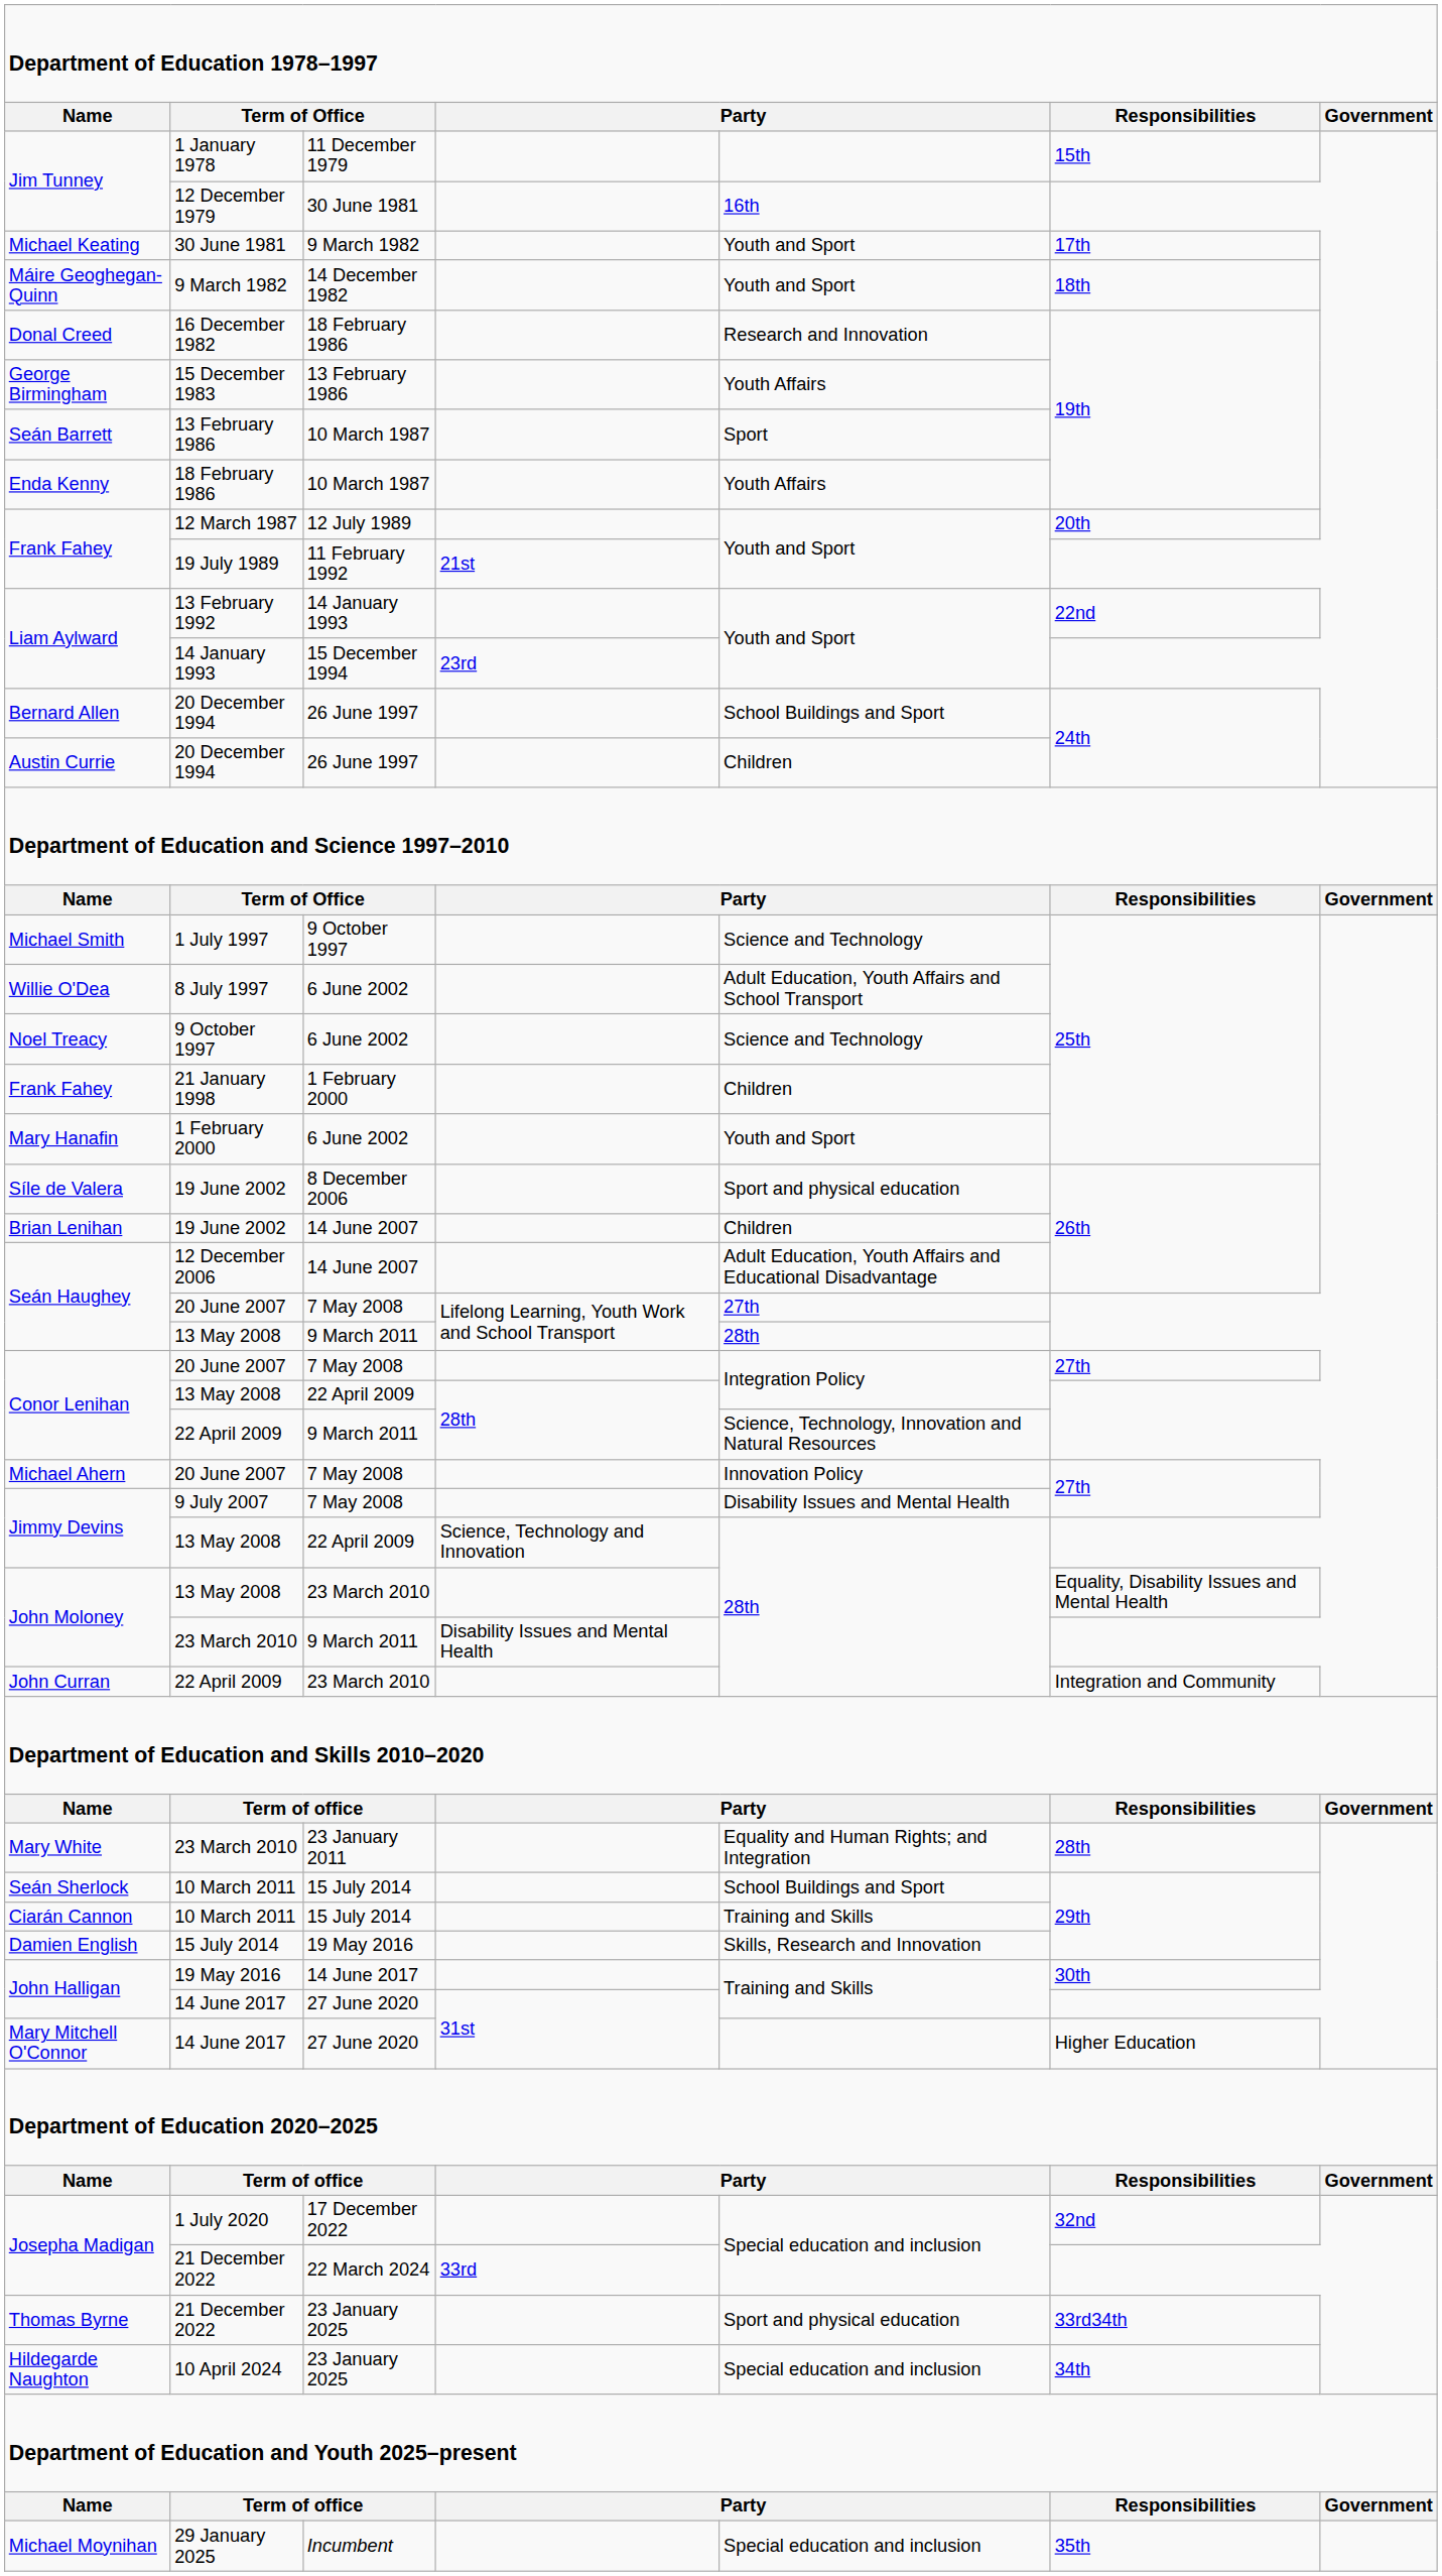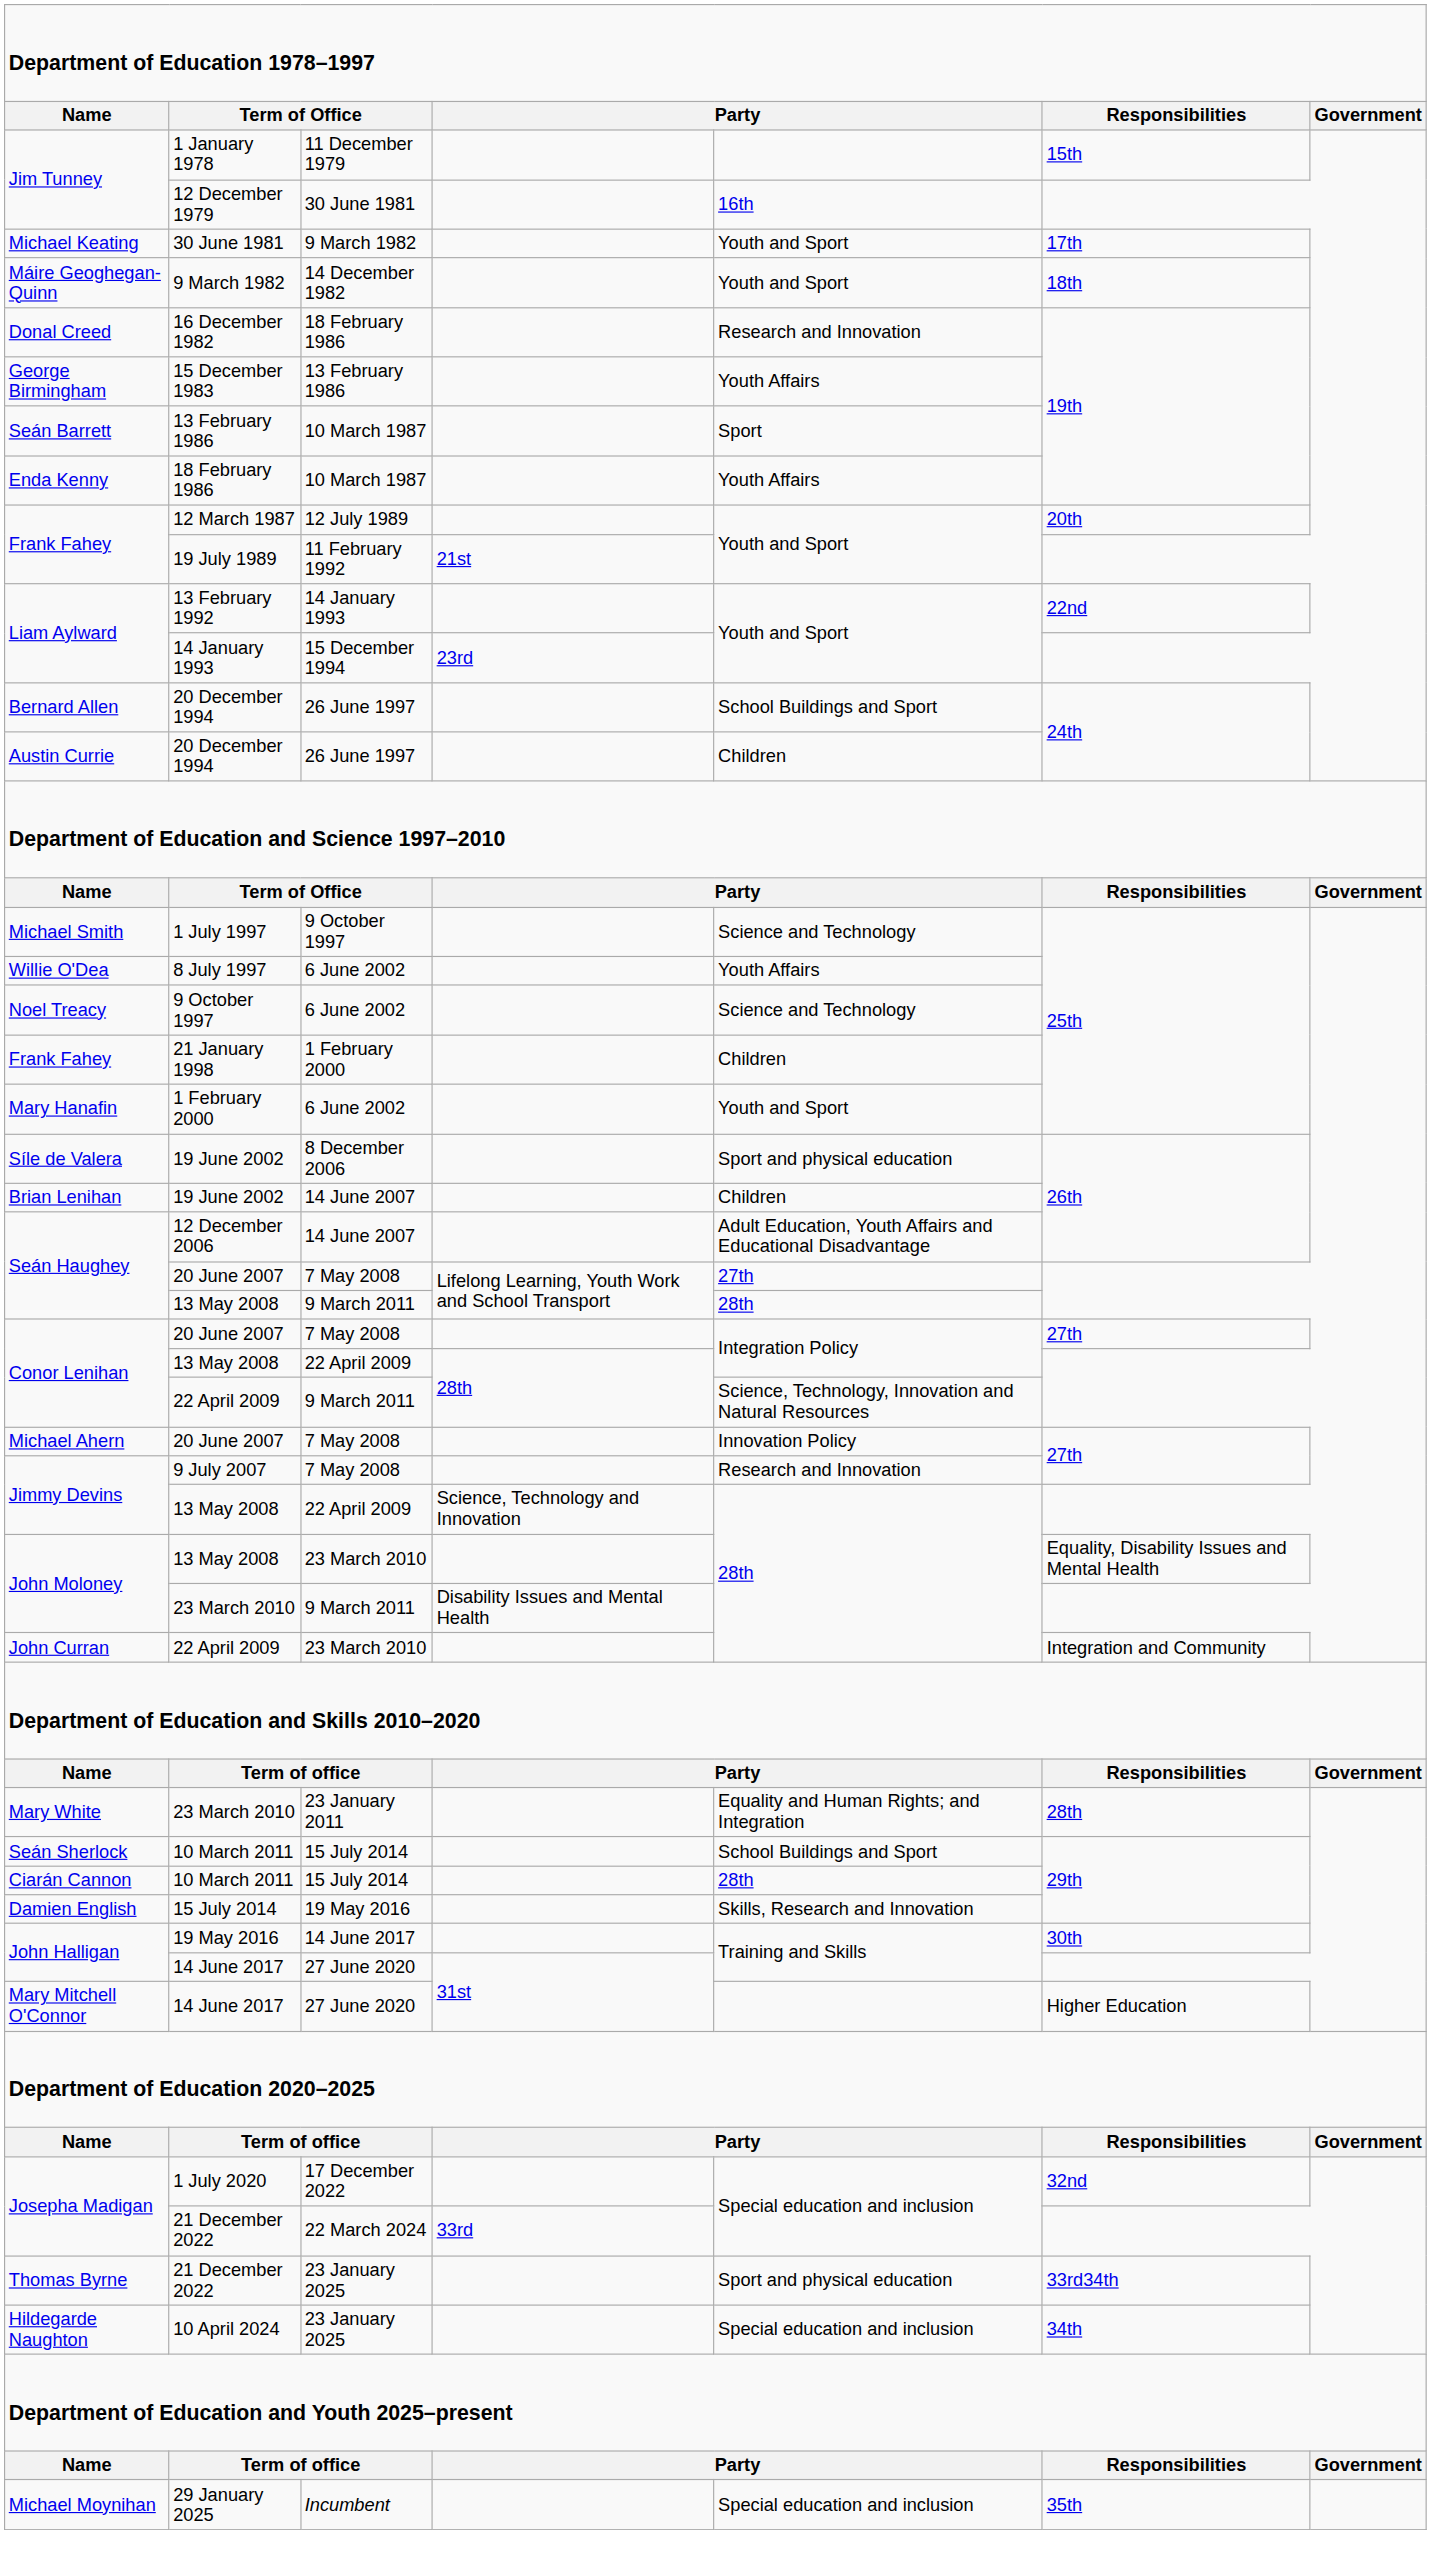 <table class="wikitable">
 <tr>
 <td colspan="7"><br><h3>Department of Education 1978–1997</h3></td>
 </tr>
 <tr>
 <th>Name</th>
 <th colspan=2>Term of Office</th>
 <th colspan=2>Party</th>
 <th>Responsibilities</th>
 <th>Government</th>
 </tr>
 <tr>
 <td rowspan=2><a href='#'>Jim Tunney</a></td>
 <td>1 January 1978</td>
 <td>11 December 1979</td>
 <td></td>
 <td></td>
 <td><a href='#'>15th</a></td>
 </tr>
 <tr>
 <td>12 December 1979</td>
 <td>30 June 1981</td>
 <td></td>
 <td><a href='#'>16th</a></td>
 </tr>
 <tr>
 <td><a href='#'>Michael Keating</a></td>
 <td>30 June 1981</td>
 <td>9 March 1982</td>
 <td></td>
 <td>Youth and Sport</td>
 <td><a href='#'>17th</a></td>
 </tr>
 <tr>
 <td><a href='#'>Máire Geoghegan-Quinn</a></td>
 <td>9 March 1982</td>
 <td>14 December 1982</td>
 <td></td>
 <td>Youth and Sport</td>
 <td><a href='#'>18th</a></td>
 </tr>
 <tr>
 <td><a href='#'>Donal Creed</a></td>
 <td>16 December 1982</td>
 <td>18 February 1986</td>
 <td></td>
 <td>Research and Innovation</td>
 <td rowspan=4><a href='#'>19th</a></td>
 </tr>
 <tr>
 <td><a href='#'>George Birmingham</a></td>
 <td>15 December 1983</td>
 <td>13 February 1986</td>
 <td></td>
 <td>Youth Affairs</td>
 </tr>
 <tr>
 <td><a href='#'>Seán Barrett</a></td>
 <td>13 February 1986</td>
 <td>10 March 1987</td>
 <td></td>
 <td>Sport</td>
 </tr>
 <tr>
 <td><a href='#'>Enda Kenny</a></td>
 <td>18 February 1986</td>
 <td>10 March 1987</td>
 <td></td>
 <td>Youth Affairs</td>
 </tr>
 <tr>
 <td rowspan=2><a href='#'>Frank Fahey</a></td>
 <td>12 March 1987</td>
 <td>12 July 1989</td>
 <td></td>
 <td rowspan=2>Youth and Sport</td>
 <td><a href='#'>20th</a></td>
 </tr>
 <tr>
 <td>19 July 1989</td>
 <td>11 February 1992</td>
 <td><a href='#'>21st</a></td>
 </tr>
 <tr>
 <td rowspan=2><a href='#'>Liam Aylward</a></td>
 <td>13 February 1992</td>
 <td>14 January 1993</td>
 <td></td>
 <td rowspan=2>Youth and Sport</td>
 <td><a href='#'>22nd</a></td>
 </tr>
 <tr>
 <td>14 January 1993</td>
 <td>15 December 1994</td>
 <td><a href='#'>23rd</a></td>
 </tr>
 <tr>
 <td><a href='#'>Bernard Allen</a></td>
 <td>20 December 1994</td>
 <td>26 June 1997</td>
 <td></td>
 <td>School Buildings and Sport</td>
 <td rowspan=2><a href='#'>24th</a></td>
 </tr>
 <tr>
 <td><a href='#'>Austin Currie</a></td>
 <td>20 December 1994</td>
 <td>26 June 1997</td>
 <td></td>
 <td>Children</td>
 </tr>
 <tr>
 <td colspan="7"><br><h3>Department of Education and Science 1997–2010</h3></td>
 </tr>
 <tr>
 <th>Name</th>
 <th colspan=2>Term of Office</th>
 <th colspan=2>Party</th>
 <th>Responsibilities</th>
 <th>Government</th>
 </tr>
 <tr>
 <td><a href='#'>Michael Smith</a></td>
 <td>1 July 1997</td>
 <td>9 October 1997</td>
 <td></td>
 <td>Science and Technology</td>
 <td rowspan=5><a href='#'>25th</a></td>
 </tr>
 <tr>
 <td><a href='#'>Willie O'Dea</a></td>
 <td>8 July 1997</td>
 <td>6 June 2002</td>
 <td></td>
-<td>Adult Education, Youth Affairs and School Transport</td>
+<td>Youth Affairs</td>
 </tr>
 <tr>
 <td><a href='#'>Noel Treacy</a></td>
 <td>9 October 1997</td>
 <td>6 June 2002</td>
 <td></td>
 <td>Science and Technology</td>
 </tr>
 <tr>
 <td><a href='#'>Frank Fahey</a></td>
 <td>21 January 1998</td>
 <td>1 February 2000</td>
 <td></td>
 <td>Children</td>
 </tr>
 <tr>
 <td><a href='#'>Mary Hanafin</a></td>
 <td>1 February 2000</td>
 <td>6 June 2002</td>
 <td></td>
 <td>Youth and Sport</td>
 </tr>
 <tr>
 <td><a href='#'>Síle de Valera</a></td>
 <td>19 June 2002</td>
 <td>8 December 2006</td>
 <td></td>
 <td>Sport and physical education</td>
 <td rowspan=3><a href='#'>26th</a></td>
 </tr>
 <tr>
 <td><a href='#'>Brian Lenihan</a></td>
 <td>19 June 2002</td>
 <td>14 June 2007</td>
 <td></td>
 <td>Children</td>
 </tr>
 <tr>
 <td rowspan=3><a href='#'>Seán Haughey</a></td>
 <td>12 December 2006</td>
 <td>14 June 2007</td>
 <td></td>
 <td>Adult Education, Youth Affairs and Educational Disadvantage</td>
 </tr>
 <tr>
 <td>20 June 2007</td>
 <td>7 May 2008</td>
 <td rowspan=2>Lifelong Learning, Youth Work and School Transport</td>
 <td><a href='#'>27th</a></td>
 </tr>
 <tr>
 <td>13 May 2008</td>
 <td>9 March 2011</td>
 <td><a href='#'>28th</a></td>
 </tr>
 <tr>
 <td rowspan=3><a href='#'>Conor Lenihan</a></td>
 <td>20 June 2007</td>
 <td>7 May 2008</td>
 <td></td>
 <td rowspan=2>Integration Policy</td>
 <td><a href='#'>27th</a></td>
 </tr>
 <tr>
 <td>13 May 2008</td>
 <td>22 April 2009</td>
 <td rowspan=2><a href='#'>28th</a></td>
 </tr>
 <tr>
 <td>22 April 2009</td>
 <td>9 March 2011</td>
 <td>Science, Technology, Innovation and Natural Resources</td>
 </tr>
 <tr>
 <td><a href='#'>Michael Ahern</a></td>
 <td>20 June 2007</td>
 <td>7 May 2008</td>
 <td></td>
 <td>Innovation Policy</td>
 <td rowspan=2><a href='#'>27th</a></td>
 </tr>
 <tr>
 <td rowspan=2><a href='#'>Jimmy Devins</a></td>
 <td>9 July 2007</td>
 <td>7 May 2008</td>
 <td></td>
-<td>Disability Issues and Mental Health</td>
+<td>Research and Innovation</td>
 </tr>
 <tr>
 <td>13 May 2008</td>
 <td>22 April 2009</td>
 <td>Science, Technology and Innovation</td>
 <td rowspan=4><a href='#'>28th</a></td>
 </tr>
 <tr>
 <td rowspan=2><a href='#'>John Moloney</a></td>
 <td>13 May 2008</td>
 <td>23 March 2010</td>
 <td></td>
 <td>Equality, Disability Issues and Mental Health</td>
 </tr>
 <tr>
 <td>23 March 2010</td>
 <td>9 March 2011</td>
 <td>Disability Issues and Mental Health</td>
 </tr>
 <tr>
 <td><a href='#'>John Curran</a></td>
 <td>22 April 2009</td>
 <td>23 March 2010</td>
 <td></td>
 <td>Integration and Community</td>
 </tr>
 <tr>
 <td colspan="7"><br><h3>Department of Education and Skills 2010–2020</h3></td>
 </tr>
 <tr>
 <th>Name</th>
 <th colspan="2">Term of office</th>
 <th colspan="2">Party</th>
 <th>Responsibilities</th>
 <th>Government</th>
 </tr>
 <tr>
 <td><a href='#'>Mary White</a></td>
 <td>23 March 2010</td>
 <td>23 January 2011</td>
 <td></td>
 <td>Equality and Human Rights; and Integration</td>
 <td><a href='#'>28th</a></td>
 </tr>
 <tr>
 <td><a href='#'>Seán Sherlock</a></td>
 <td>10 March 2011</td>
 <td>15 July 2014</td>
 <td></td>
 <td>School Buildings and Sport</td>
 <td rowspan=3><a href='#'>29th</a></td>
 </tr>
 <tr>
 <td><a href='#'>Ciarán Cannon</a></td>
 <td>10 March 2011</td>
 <td>15 July 2014</td>
 <td></td>
-<td>Training and Skills</td>
+<td><a href='#'>28th</a></td>
 </tr>
 <tr>
 <td><a href='#'>Damien English</a></td>
 <td>15 July 2014</td>
 <td>19 May 2016</td>
 <td></td>
 <td>Skills, Research and Innovation</td>
 </tr>
 <tr>
 <td rowspan=2><a href='#'>John Halligan</a></td>
 <td>19 May 2016</td>
 <td>14 June 2017</td>
 <td></td>
 <td rowspan=2>Training and Skills</td>
 <td><a href='#'>30th</a></td>
 </tr>
 <tr>
 <td>14 June 2017</td>
 <td>27 June 2020</td>
 <td rowspan=2><a href='#'>31st</a></td>
 </tr>
 <tr>
 <td><a href='#'>Mary Mitchell O'Connor</a></td>
 <td>14 June 2017</td>
 <td>27 June 2020</td>
 <td></td>
 <td>Higher Education</td>
 </tr>
 <tr>
 <td colspan="7"><br><h3>Department of Education 2020–2025</h3></td>
 </tr>
 <tr>
 <th>Name</th>
 <th colspan="2">Term of office</th>
 <th colspan="2">Party</th>
 <th>Responsibilities</th>
 <th>Government</th>
 </tr>
 <tr>
 <td rowspan=2><a href='#'>Josepha Madigan</a></td>
 <td>1 July 2020</td>
 <td>17 December 2022</td>
 <td></td>
 <td rowspan=2>Special education and inclusion</td>
 <td><a href='#'>32nd</a></td>
 </tr>
 <tr>
 <td>21 December 2022</td>
 <td>22 March 2024</td>
 <td><a href='#'>33rd</a></td>
 </tr>
 <tr>
 <td><a href='#'>Thomas Byrne</a></td>
 <td>21 December 2022</td>
 <td>23 January 2025</td>
 <td></td>
 <td>Sport and physical education</td>
 <td><a href='#'>33rd</a><a href='#'>34th</a></td>
 </tr>
 <tr>
 <td><a href='#'>Hildegarde Naughton</a></td>
 <td>10 April 2024</td>
 <td>23 January 2025</td>
 <td></td>
 <td>Special education and inclusion</td>
 <td><a href='#'>34th</a></td>
 </tr>
 <tr>
 <td colspan="7"><br><h3>Department of Education and Youth 2025–present</h3></td>
 </tr>
 <tr>
 <th>Name</th>
 <th colspan="2">Term of office</th>
 <th colspan="2">Party</th>
 <th>Responsibilities</th>
 <th>Government</th>
 </tr>
 <tr>
 <td><a href='#'>Michael Moynihan</a></td>
 <td>29 January 2025</td>
 <td><em>Incumbent</em></td>
 <td></td>
 <td>Special education and inclusion</td>
 <td><a href='#'>35th</a></td>
 </tr>
 </table>
